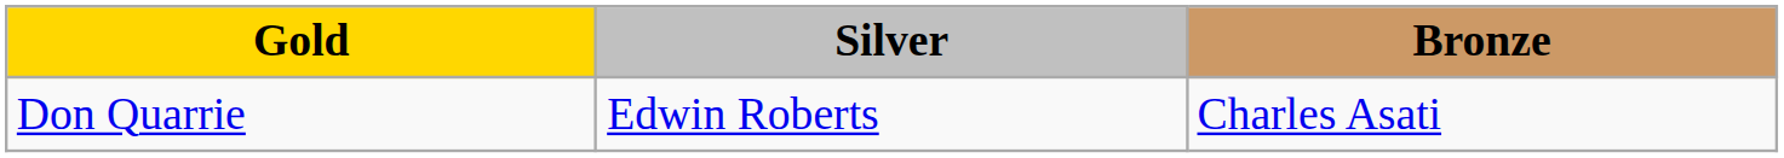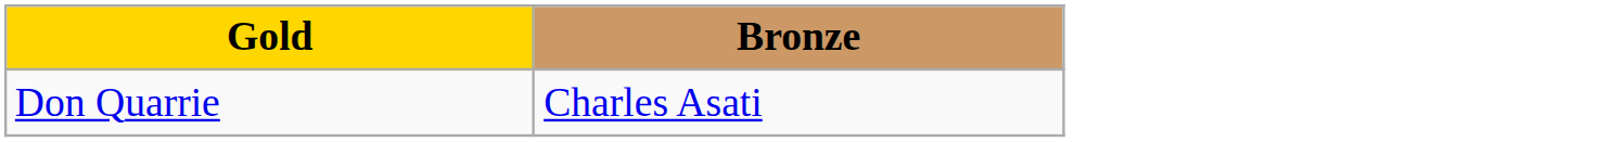 <table class="wikitable">
 <tr>
 <th scope=col style="background-color:gold; width:200px;">Gold</th>
-<th scope=col style="background-color:silver; width:200px;">Silver</th>
 <th scope=col style="background-color:#cc9966; width:200px;">Bronze</th>
 </tr>
 <tr>
 <td><a href='#'>Don Quarrie</a><br><em></em></td>
-<td><a href='#'>Edwin Roberts</a><br><em></em></td>
 <td><a href='#'>Charles Asati</a><br><em></em></td>
 </tr>
 </table>
